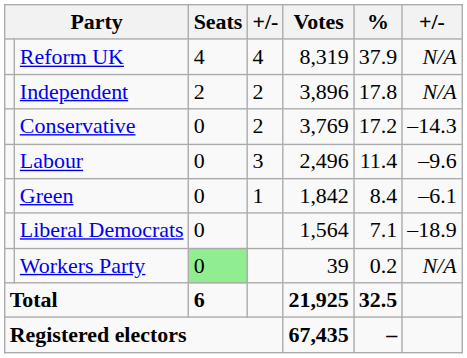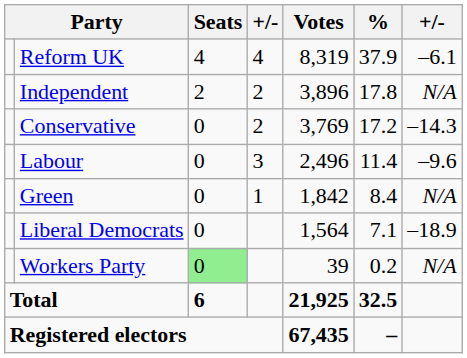 <table class="wikitable sortable">
 <tr>
 <th colspan="2">Party</th>
 <th>Seats</th>
 <th>+/-</th>
 <th>Votes</th>
 <th>%</th>
 <th>+/-</th>
 </tr>
 <tr>
 <td style="background-color: "></td>
 <td><a href='#'>Reform UK</a></td>
 <td>4</td>
 <td> 4</td>
 <td style="text-align:right;">8,319</td>
 <td style="text-align:right;">37.9</td>
-<td style="text-align:right;"><em>N/A</em></td>
+<td style="text-align:right;">–6.1</td>
 </tr>
 <tr>
 <td style="background-color: "></td>
 <td><a href='#'>Independent</a></td>
 <td>2</td>
 <td> 2</td>
 <td style="text-align:right;">3,896</td>
 <td style="text-align:right;">17.8</td>
 <td style="text-align:right;"><em>N/A</em></td>
 </tr>
 <tr>
 <td style="background-color: "></td>
 <td><a href='#'>Conservative</a></td>
 <td>0</td>
 <td> 2</td>
 <td style="text-align:right;">3,769</td>
 <td style="text-align:right;">17.2</td>
 <td style="text-align:right;">–14.3</td>
 </tr>
 <tr>
 <td style="background-color: "></td>
 <td><a href='#'>Labour</a></td>
 <td>0</td>
 <td> 3</td>
 <td style="text-align:right;">2,496</td>
 <td style="text-align:right;">11.4</td>
 <td style="text-align:right;">–9.6</td>
 </tr>
 <tr>
 <td style="background-color: "></td>
 <td><a href='#'>Green</a></td>
 <td>0</td>
 <td> 1</td>
 <td style="text-align:right;">1,842</td>
 <td style="text-align:right;">8.4</td>
-<td style="text-align:right;">–6.1</td>
+<td style="text-align:right;"><em>N/A</em></td>
 </tr>
 <tr>
 <td style="background-color: "></td>
 <td><a href='#'>Liberal Democrats</a></td>
 <td>0</td>
 <td></td>
 <td style="text-align:right;">1,564</td>
 <td style="text-align:right;">7.1</td>
 <td style="text-align:right;">–18.9</td>
 </tr>
 <tr>
 <td style="background-color: "></td>
 <td><a href='#'>Workers Party</a></td>
 <td style="background: lightgreen;">0</td>
 <td></td>
 <td style="text-align:right;">39</td>
 <td style="text-align:right;">0.2</td>
 <td style="text-align:right;"><em>N/A</em></td>
 </tr>
 <tr>
 <td colspan="2"><strong>Total</strong></td>
 <td><strong>6</strong></td>
 <td></td>
 <td style="text-align:right;"><strong>21,925</strong></td>
 <td style="text-align:right;"><strong>32.5</strong></td>
 <td style="text-align:right;"></td>
 </tr>
 <tr>
 <td colspan="4"><strong>Registered electors</strong></td>
 <td style="text-align:right;"><strong>67,435</strong></td>
 <td style="text-align:right;"><strong>–</strong></td>
 <td style="text-align:right;"></td>
 </tr>
 </table>
